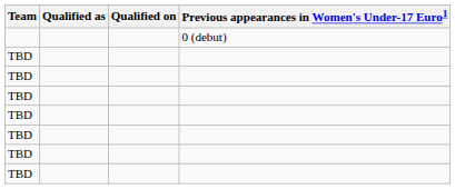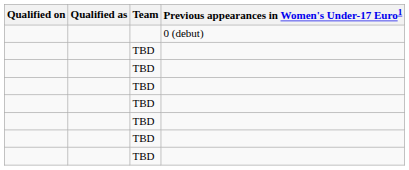 <table class="wikitable sortable">
 <tr>
+<th>Qualified on</th>
+<th>Qualified as</th>
 <th>Team</th>
-<th>Qualified as</th>
-<th>Qualified on</th>
 <th data-sort-type="number">Previous appearances in <a href='#'>Women's Under-17 Euro</a><sup><a href='#'>1</a></sup></th>
 </tr>
 <tr>
 <td></td>
 <td></td>
 <td></td>
 <td>0 (debut)</td>
 </tr>
 <tr>
-<td>TBD</td>
 <td></td>
 <td></td>
+<td>TBD</td>
 <td></td>
 </tr>
 <tr>
-<td>TBD</td>
 <td></td>
 <td></td>
+<td>TBD</td>
 <td></td>
 </tr>
 <tr>
-<td>TBD</td>
 <td></td>
 <td></td>
+<td>TBD</td>
 <td></td>
 </tr>
 <tr>
-<td>TBD</td>
 <td></td>
 <td></td>
+<td>TBD</td>
 <td></td>
 </tr>
 <tr>
-<td>TBD</td>
 <td></td>
 <td></td>
+<td>TBD</td>
 <td></td>
 </tr>
 <tr>
-<td>TBD</td>
 <td></td>
 <td></td>
+<td>TBD</td>
 <td></td>
 </tr>
 <tr>
-<td>TBD</td>
 <td></td>
 <td></td>
+<td>TBD</td>
 <td></td>
 </tr>
 </table>
